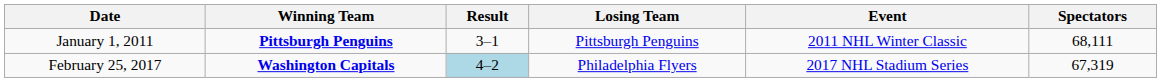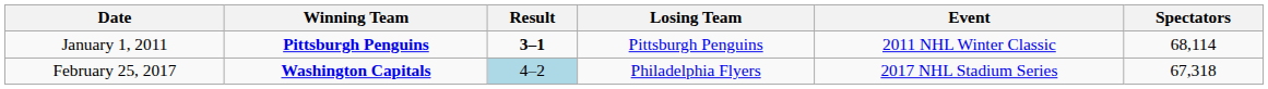 <table class="wikitable"  style="text-align:left; width:95%; text-align:center;">
 <tr>
 <th style="text-align:center; ">Date</th>
 <th style="text-align:center; ">Winning Team</th>
 <th style="text-align:center; ">Result</th>
 <th style="text-align:center; ">Losing Team</th>
 <th style="text-align:center; ">Event</th>
 <th style="text-align:center; ">Spectators</th>
 </tr>
 <tr>
 <td>January 1, 2011</td>
 <td><strong><a href='#'>Pittsburgh Penguins</a></strong></td>
-<td>3–1</td>
+<td><strong>3–1</strong></td>
 <td><a href='#'>Pittsburgh Penguins</a></td>
 <td><a href='#'>2011 NHL Winter Classic</a></td>
-<td>68,111</td>
+<td>68,114</td>
 </tr>
 <tr>
 <td>February 25, 2017</td>
 <td><strong><a href='#'>Washington Capitals</a></strong></td>
 <td style="background: lightblue;">4–2</td>
 <td><a href='#'>Philadelphia Flyers</a></td>
 <td><a href='#'>2017 NHL Stadium Series</a></td>
-<td>67,319</td>
+<td>67,318</td>
 </tr>
 </table>
